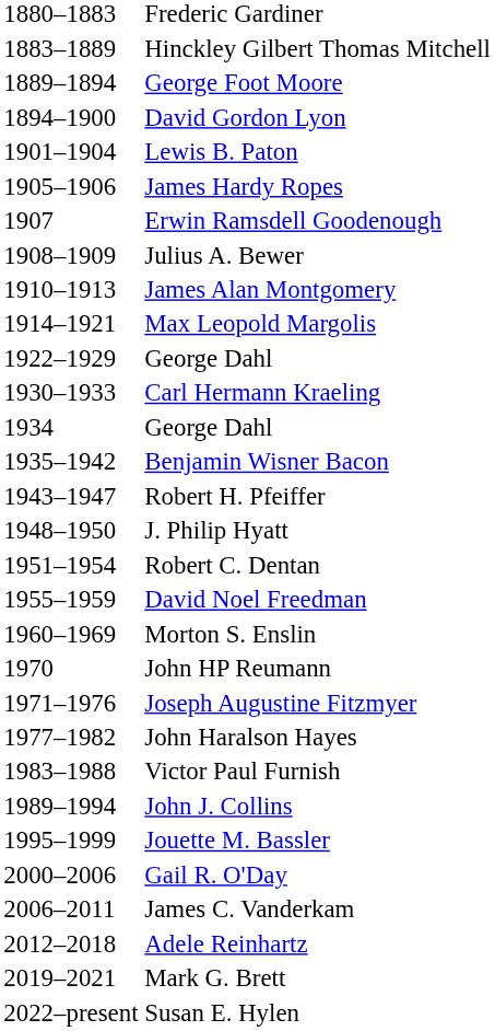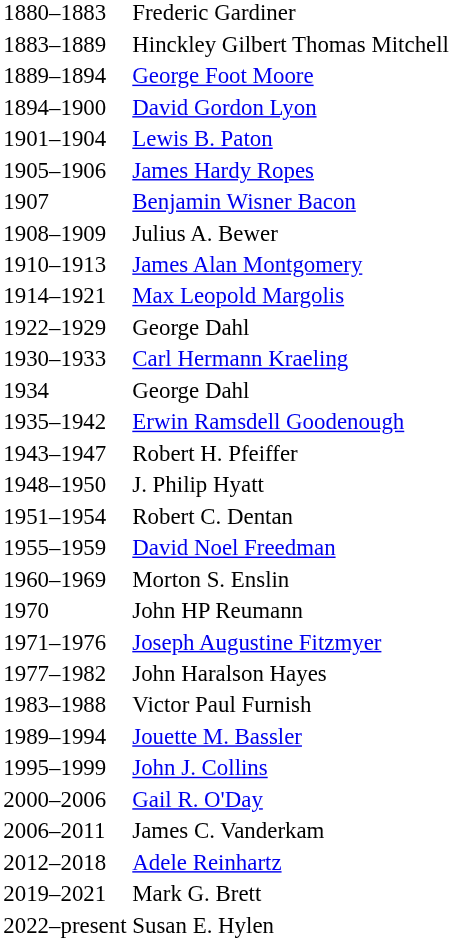 <table wikitable>
 <tr>
 <td>1880–1883</td>
 <td>Frederic Gardiner</td>
 </tr>
 <tr>
 <td>1883–1889</td>
 <td>Hinckley Gilbert Thomas Mitchell</td>
 </tr>
 <tr>
 <td>1889–1894</td>
 <td><a href='#'>George Foot Moore</a></td>
 </tr>
 <tr>
 <td>1894–1900</td>
 <td><a href='#'>David Gordon Lyon</a></td>
 </tr>
 <tr>
 <td>1901–1904</td>
 <td><a href='#'>Lewis B. Paton</a></td>
 </tr>
 <tr>
 <td>1905–1906</td>
 <td><a href='#'>James Hardy Ropes</a></td>
 </tr>
 <tr>
 <td>1907</td>
-<td><a href='#'>Erwin Ramsdell Goodenough</a></td>
+<td><a href='#'>Benjamin Wisner Bacon</a></td>
 </tr>
 <tr>
 <td>1908–1909</td>
 <td>Julius A. Bewer</td>
 </tr>
 <tr>
 <td>1910–1913</td>
 <td><a href='#'>James Alan Montgomery</a></td>
 </tr>
 <tr>
 <td>1914–1921</td>
 <td><a href='#'>Max Leopold Margolis</a></td>
 </tr>
 <tr>
 <td>1922–1929</td>
 <td>George Dahl</td>
 </tr>
 <tr>
 <td>1930–1933</td>
 <td><a href='#'>Carl Hermann Kraeling</a></td>
 </tr>
 <tr>
 <td>1934</td>
 <td>George Dahl</td>
 </tr>
 <tr>
 <td>1935–1942</td>
-<td><a href='#'>Benjamin Wisner Bacon</a></td>
+<td><a href='#'>Erwin Ramsdell Goodenough</a></td>
 </tr>
 <tr>
 <td>1943–1947</td>
 <td>Robert H. Pfeiffer</td>
 </tr>
 <tr>
 <td>1948–1950</td>
 <td>J. Philip Hyatt</td>
 </tr>
 <tr>
 <td>1951–1954</td>
 <td>Robert C. Dentan</td>
 </tr>
 <tr>
 <td>1955–1959</td>
 <td><a href='#'>David Noel Freedman</a></td>
 </tr>
 <tr>
 <td>1960–1969</td>
 <td>Morton S. Enslin</td>
 </tr>
 <tr>
 <td>1970</td>
 <td>John HP Reumann</td>
 </tr>
 <tr>
 <td>1971–1976</td>
 <td><a href='#'>Joseph Augustine Fitzmyer</a></td>
 </tr>
 <tr>
 <td>1977–1982</td>
 <td>John Haralson Hayes</td>
 </tr>
 <tr>
 <td>1983–1988</td>
 <td>Victor Paul Furnish</td>
 </tr>
 <tr>
 <td>1989–1994</td>
-<td><a href='#'>John J. Collins</a></td>
+<td><a href='#'>Jouette M. Bassler</a></td>
 </tr>
 <tr>
 <td>1995–1999</td>
-<td><a href='#'>Jouette M. Bassler</a></td>
+<td><a href='#'>John J. Collins</a></td>
 </tr>
 <tr>
 <td>2000–2006</td>
 <td><a href='#'>Gail R. O'Day</a></td>
 </tr>
 <tr>
 <td>2006–2011</td>
 <td>James C. Vanderkam</td>
 </tr>
 <tr>
 <td>2012–2018</td>
 <td><a href='#'>Adele Reinhartz</a></td>
 </tr>
 <tr>
 <td>2019–2021</td>
 <td>Mark G. Brett</td>
 </tr>
 <tr>
 <td>2022–present</td>
 <td>Susan E. Hylen</td>
 </tr>
 </table>
